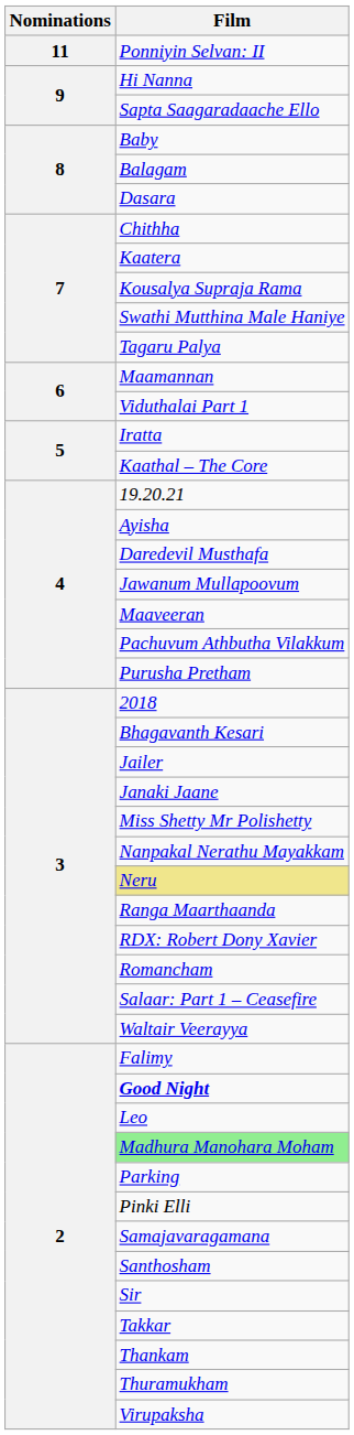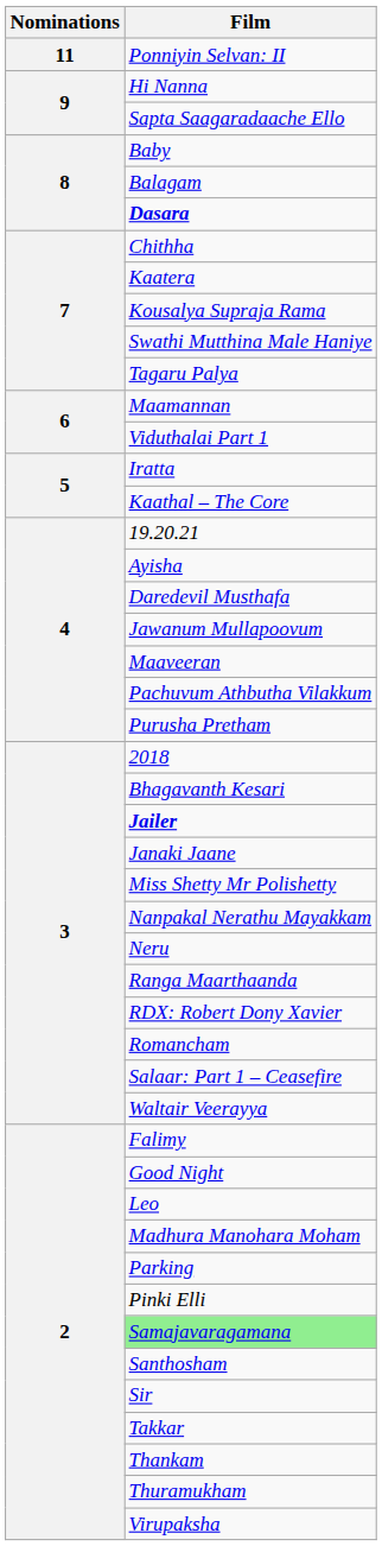 <table class="wikitable" style="display:inline-table;">
 <tr>
 <th>Nominations</th>
 <th>Film</th>
 </tr>
 <tr>
 <th>11</th>
 <td><em><a href='#'>Ponniyin Selvan: II</a></em></td>
 </tr>
 <tr>
 <th rowspan="2">9</th>
 <td><em><a href='#'>Hi Nanna</a></em></td>
 </tr>
 <tr>
 <td><a href='#'><em>Sapta Saagaradaache Ello</em></a><strong></strong></td>
 </tr>
 <tr>
 <th rowspan="3">8</th>
 <td><a href='#'><em>Baby</em></a></td>
 </tr>
 <tr>
 <td><a href='#'><em>Balagam</em></a></td>
 </tr>
 <tr>
-<td><a href='#'><em>Dasara</em></a></td>
+<td><strong><a href='#'><em>Dasara</em></a></strong></td>
 </tr>
 <tr>
 <th rowspan="5">7</th>
 <td><em><a href='#'>Chithha</a></em></td>
 </tr>
 <tr>
 <td><em><a href='#'>Kaatera</a></em></td>
 </tr>
 <tr>
 <td><a href='#'><em>Kousalya Supraja Rama</em></a></td>
 </tr>
 <tr>
 <td><em><a href='#'>Swathi Mutthina Male Haniye</a></em></td>
 </tr>
 <tr>
 <td><em><a href='#'>Tagaru Palya</a></em></td>
 </tr>
 <tr>
 <th rowspan="2">6</th>
 <td><em><a href='#'>Maamannan</a></em></td>
 </tr>
 <tr>
 <td><em><a href='#'>Viduthalai Part 1</a></em></td>
 </tr>
 <tr>
 <th rowspan="2">5</th>
 <td><em><a href='#'>Iratta</a></em></td>
 </tr>
 <tr>
 <td><em><a href='#'>Kaathal – The Core</a></em></td>
 </tr>
 <tr>
 <th rowspan="7">4</th>
 <td><em>19.20.21</em></td>
 </tr>
 <tr>
 <td><a href='#'><em>Ayisha</em></a></td>
 </tr>
 <tr>
 <td><em><a href='#'>Daredevil Musthafa</a></em></td>
 </tr>
 <tr>
 <td><em><a href='#'>Jawanum Mullapoovum</a></em></td>
 </tr>
 <tr>
 <td><a href='#'><em>Maaveeran</em></a></td>
 </tr>
 <tr>
 <td><em><a href='#'>Pachuvum Athbutha Vilakkum</a></em></td>
 </tr>
 <tr>
 <td><em><a href='#'>Purusha Pretham</a></em></td>
 </tr>
 <tr>
 <th rowspan="12">3</th>
 <td><a href='#'><em>2018</em></a></td>
 </tr>
 <tr>
 <td><em><a href='#'>Bhagavanth Kesari</a></em></td>
 </tr>
 <tr>
-<td><a href='#'><em>Jailer</em></a></td>
+<td><strong><a href='#'><em>Jailer</em></a></strong></td>
 </tr>
 <tr>
 <td><em><a href='#'>Janaki Jaane</a></em></td>
 </tr>
 <tr>
 <td><em><a href='#'>Miss Shetty Mr Polishetty</a></em></td>
 </tr>
 <tr>
 <td><em><a href='#'>Nanpakal Nerathu Mayakkam</a></em></td>
 </tr>
 <tr>
-<td style="background: khaki;"><a href='#'><em>Neru</em></a></td>
+<td><a href='#'><em>Neru</em></a></td>
 </tr>
 <tr>
 <td><em><a href='#'>Ranga Maarthaanda</a></em></td>
 </tr>
 <tr>
 <td><em><a href='#'>RDX: Robert Dony Xavier</a></em></td>
 </tr>
 <tr>
 <td><em><a href='#'>Romancham</a></em></td>
 </tr>
 <tr>
 <td><em><a href='#'>Salaar: Part 1 – Ceasefire</a></em></td>
 </tr>
 <tr>
 <td><em><a href='#'>Waltair Veerayya</a></em></td>
 </tr>
 <tr>
 <th rowspan="13">2</th>
 <td><em><a href='#'>Falimy</a></em></td>
 </tr>
 <tr>
-<td><strong><a href='#'><em>Good Night</em></a></strong></td>
+<td><a href='#'><em>Good Night</em></a></td>
 </tr>
 <tr>
 <td><a href='#'><em>Leo</em></a></td>
 </tr>
 <tr>
-<td style="background: lightgreen;"><em><a href='#'>Madhura Manohara Moham</a></em></td>
+<td><em><a href='#'>Madhura Manohara Moham</a></em></td>
 </tr>
 <tr>
 <td><a href='#'><em>Parking</em></a></td>
 </tr>
 <tr>
 <td><em>Pinki Elli</em></td>
 </tr>
 <tr>
-<td><a href='#'><em>Samajavaragamana</em></a></td>
+<td style="background: lightgreen;"><a href='#'><em>Samajavaragamana</em></a></td>
 </tr>
 <tr>
 <td><a href='#'><em>Santhosham</em></a></td>
 </tr>
 <tr>
 <td><a href='#'><em>Sir</em></a></td>
 </tr>
 <tr>
 <td><a href='#'><em>Takkar</em></a></td>
 </tr>
 <tr>
 <td><a href='#'><em>Thankam</em></a></td>
 </tr>
 <tr>
 <td><a href='#'><em>Thuramukham</em></a></td>
 </tr>
 <tr>
 <td><em><a href='#'>Virupaksha</a></em></td>
 </tr>
 </table>
